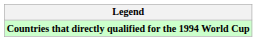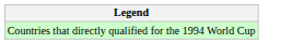 <table class="wikitable">
 <tr>
 <th>Legend</th>
 </tr>
 <tr bgcolor="#ccffcc">
-<td><strong>Countries that directly qualified for the 1994 World Cup</strong></td>
+<td>Countries that directly qualified for the 1994 World Cup</td>
 </tr>
 </table>
